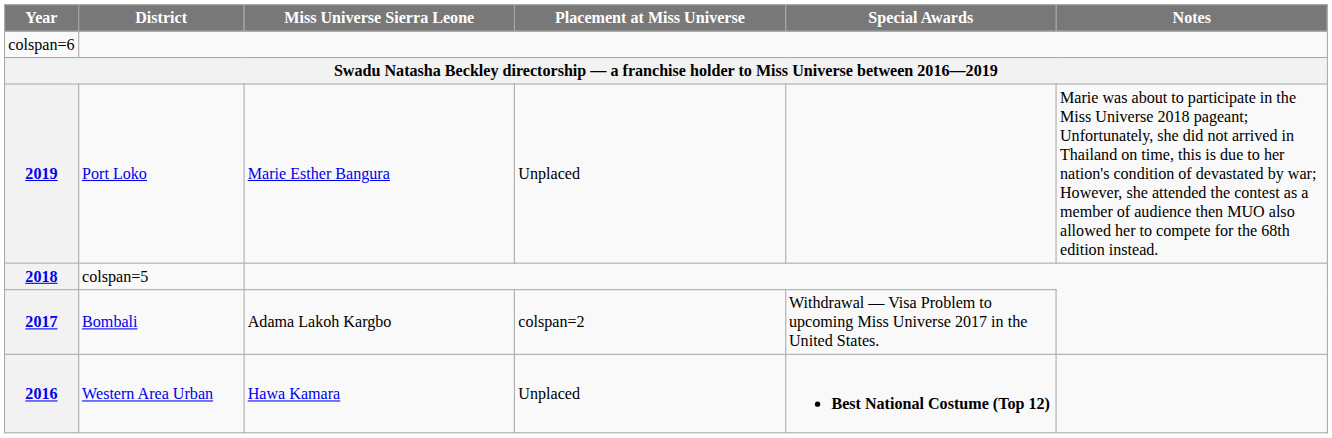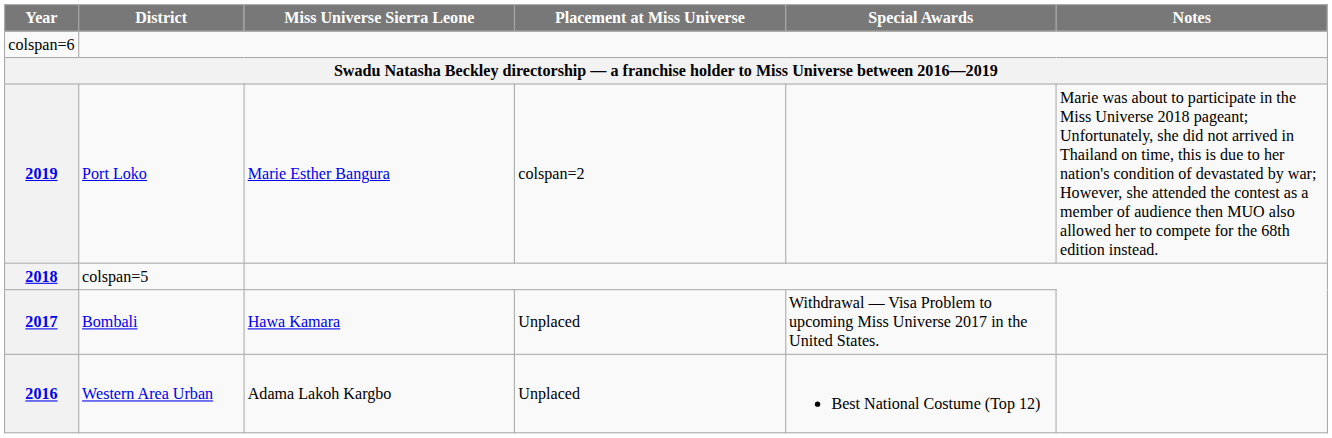 <table class="wikitable " style="font-size: 95%;">
 <tr>
 <th width="60" style="background-color:#787878;color:#FFFFFF;">Year</th>
 <th width="150" style="background-color:#787878;color:#FFFFFF;">District</th>
 <th width="250" style="background-color:#787878;color:#FFFFFF;">Miss Universe Sierra Leone</th>
 <th width="250" style="background-color:#787878;color:#FFFFFF;">Placement at Miss Universe</th>
 <th width="250" style="background-color:#787878;color:#FFFFFF;">Special Awards</th>
 <th width="250" style="background-color:#787878;color:#FFFFFF;">Notes</th>
 </tr>
 <tr>
 <td>colspan=6 </td>
 </tr>
 <tr>
 <th colspan="6">Swadu Natasha Beckley directorship — a franchise holder to Miss Universe between 2016—2019</th>
 </tr>
 <tr>
 <th><a href='#'>2019</a></th>
 <td><a href='#'>Port Loko</a></td>
 <td><a href='#'>Marie Esther Bangura</a></td>
-<td>Unplaced</td>
+<td>colspan=2 </td>
 <td></td>
 <td>Marie was about to participate in the Miss Universe 2018 pageant; Unfortunately, she did not arrived in Thailand on time, this is due to her nation's condition of devastated by war; However, she attended the contest as a member of audience then MUO also allowed her to compete for the 68th edition instead.</td>
 </tr>
 <tr>
 <th><a href='#'>2018</a></th>
 <td>colspan=5 </td>
 </tr>
 <tr>
 <th><a href='#'>2017</a></th>
 <td><a href='#'>Bombali</a></td>
-<td>Adama Lakoh Kargbo</td>
-<td>colspan=2 </td>
+<td><a href='#'>Hawa Kamara</a></td>
+<td>Unplaced</td>
 <td>Withdrawal — Visa Problem to upcoming Miss Universe 2017 in the United States.</td>
 </tr>
 <tr>
 <th><a href='#'>2016</a></th>
 <td><a href='#'>Western Area Urban</a></td>
-<td><a href='#'>Hawa Kamara</a></td>
+<td>Adama Lakoh Kargbo</td>
 <td>Unplaced</td>
-<td align="left"><strong><br><ul><li>Best National Costume (Top 12)</li></ul></strong></td>
+<td align="left"><br><ul><li>Best National Costume (Top 12)</li></ul></td>
 <td></td>
 </tr>
 </table>
